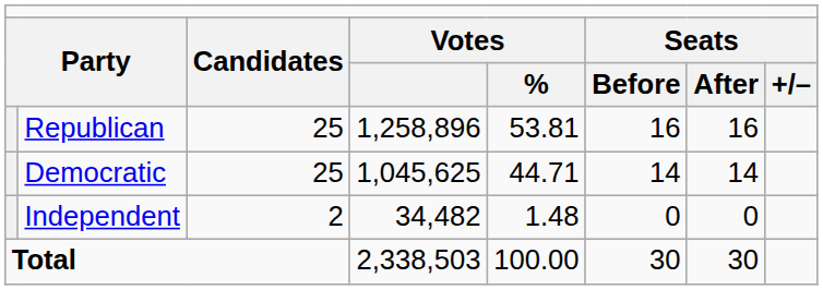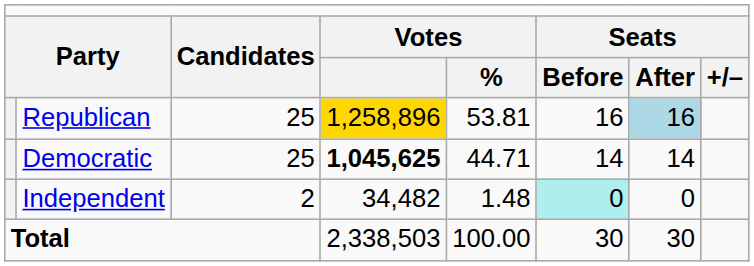 <table class="wikitable">
 <tr>
 <td colspan=13 align=center></td>
 </tr>
 <tr>
 <th rowspan="2" colspan="2">Party</th>
 <th rowspan="2">Candidates</th>
 <th colspan="2">Votes</th>
 <th colspan="3">Seats</th>
 </tr>
 <tr>
 <th></th>
 <th>%</th>
 <th>Before</th>
 <th>After</th>
 <th>+/–</th>
 </tr>
 <tr>
 <th style="background-color:"></th>
 <td><a href='#'>Republican</a></td>
 <td align="right">25</td>
-<td align="right">1,258,896</td>
+<td align="right" style="background: gold;">1,258,896</td>
 <td align="right">53.81</td>
 <td align="right" >16</td>
-<td align="right" >16</td>
+<td align="right"  style="background: lightblue;">16</td>
 <td align="right"></td>
 </tr>
 <tr>
 <th style="background-color:"></th>
 <td><a href='#'>Democratic</a></td>
 <td align="right">25</td>
-<td align="right">1,045,625</td>
+<td align="right"><strong>1,045,625</strong></td>
 <td align="right">44.71</td>
 <td align="right">14</td>
 <td align="right">14</td>
 <td align="right"></td>
 </tr>
 <tr>
 <th style="background-color:"></th>
 <td><a href='#'>Independent</a></td>
 <td align="right">2</td>
 <td align="right">34,482</td>
 <td align="right">1.48</td>
-<td align="right">0</td>
+<td align="right" style="background: paleturquoise;">0</td>
 <td align="right">0</td>
 <td align="right"></td>
 </tr>
 <tr>
 <td colspan="3" align="left"><strong>Total</strong></td>
 <td align="right">2,338,503</td>
 <td align="right">100.00</td>
 <td align="right">30</td>
 <td align="right">30</td>
 <td align="right"></td>
 </tr>
 </table>
